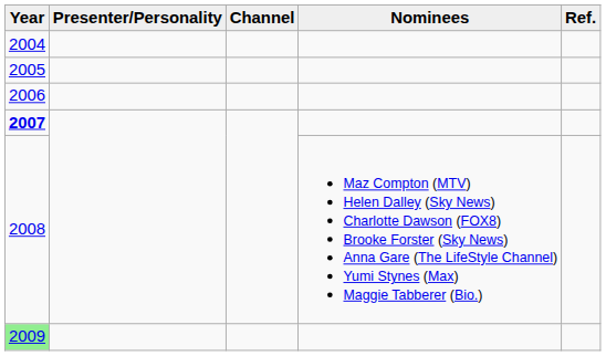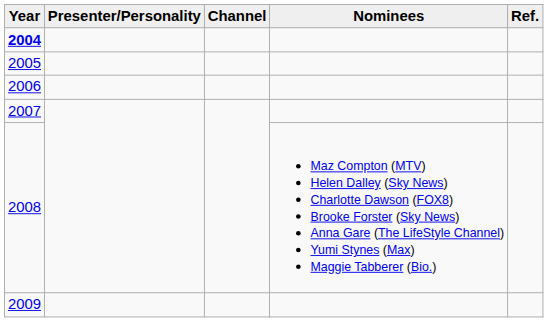 <table class="wikitable sortable">
 <tr>
 <th style="background:#efefef;">Year</th>
 <th style="background:#efefef;">Presenter/Personality</th>
 <th style="background:#efefef;">Channel</th>
 <th style="background:#efefef;" class="unsortable">Nominees</th>
 <th style="background:#efefef;" class="unsortable">Ref.</th>
 </tr>
 <tr>
-<td style="text-align:center;"><a href='#'>2004</a></td>
+<td style="text-align:center;"><strong><a href='#'>2004</a></strong></td>
 <td></td>
 <td></td>
 <td></td>
 <td style="text-align:center;"></td>
 </tr>
 <tr>
 <td style="text-align:center;"><a href='#'>2005</a></td>
 <td></td>
 <td></td>
 <td></td>
 <td style="text-align:center;"></td>
 </tr>
 <tr>
 <td style="text-align:center;"><a href='#'>2006</a></td>
 <td></td>
 <td></td>
 <td></td>
 <td style="text-align:center;"></td>
 </tr>
 <tr>
-<td style="text-align:center;"><strong><a href='#'>2007</a></strong></td>
+<td style="text-align:center;"><a href='#'>2007</a></td>
 <td rowspan="2"></td>
 <td rowspan="2"></td>
 <td></td>
 <td style="text-align:center;"></td>
 </tr>
 <tr>
 <td style="text-align:center;"><a href='#'>2008</a></td>
 <td><br><ul><li><small><a href='#'>Maz Compton</a> (<a href='#'>MTV</a>)</small></li><li><small><a href='#'>Helen Dalley</a> (<a href='#'>Sky News</a>)</small></li><li><small><a href='#'>Charlotte Dawson</a> (<a href='#'>FOX8</a>)</small></li><li><small><a href='#'>Brooke Forster</a> (<a href='#'>Sky News</a>)</small></li><li><small><a href='#'>Anna Gare</a> (<a href='#'>The LifeStyle Channel</a>)</small></li><li><small><a href='#'>Yumi Stynes</a> (<a href='#'>Max</a>)</small></li><li><small><a href='#'>Maggie Tabberer</a> (<a href='#'>Bio.</a>)</small></li></ul></td>
 <td style="text-align:center;"></td>
 </tr>
 <tr>
-<td style="background: lightgreen; text-align:center;"><a href='#'>2009</a></td>
+<td style="text-align:center;"><a href='#'>2009</a></td>
 <td></td>
 <td></td>
 <td></td>
 <td style="text-align:center;"></td>
 </tr>
 </table>
